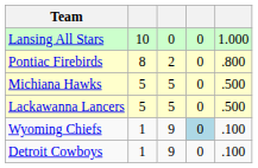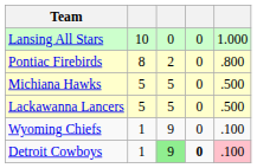 <table class="wikitable" style="font-size:95%; text-align:center">
 <tr>
 <th>Team</th>
 <th width="25"></th>
 <th width="25"></th>
 <th width="25"></th>
 <th width="30"></th>
 </tr>
 <tr style="background:#cfc;">
 <td style="text-align:left;"><a href='#'>Lansing All Stars</a></td>
 <td>10</td>
 <td>0</td>
 <td>0</td>
 <td>1.000</td>
 </tr>
 <tr style="background:#ffc;">
 <td style="text-align:left;"><a href='#'>Pontiac Firebirds</a></td>
 <td>8</td>
 <td>2</td>
 <td>0</td>
 <td>.800</td>
 </tr>
 <tr style="background:#ffc;">
 <td style="text-align:left;"><a href='#'>Michiana Hawks</a></td>
 <td>5</td>
 <td>5</td>
 <td>0</td>
 <td>.500</td>
 </tr>
 <tr style="background:#ffc;">
 <td style="text-align:left;"><a href='#'>Lackawanna Lancers</a></td>
 <td>5</td>
 <td>5</td>
 <td>0</td>
 <td>.500</td>
 </tr>
 <tr>
 <td style="text-align:left;"><a href='#'>Wyoming Chiefs</a></td>
 <td>1</td>
 <td>9</td>
-<td style="background: lightblue;">0</td>
+<td>0</td>
 <td>.100</td>
 </tr>
 <tr>
 <td style="text-align:left;"><a href='#'>Detroit Cowboys</a></td>
 <td>1</td>
-<td>9</td>
-<td>0</td>
-<td>.100</td>
+<td style="background: lightgreen;">9</td>
+<td><strong>0</strong></td>
+<td style="background: pink;">.100</td>
 </tr>
 </table>
